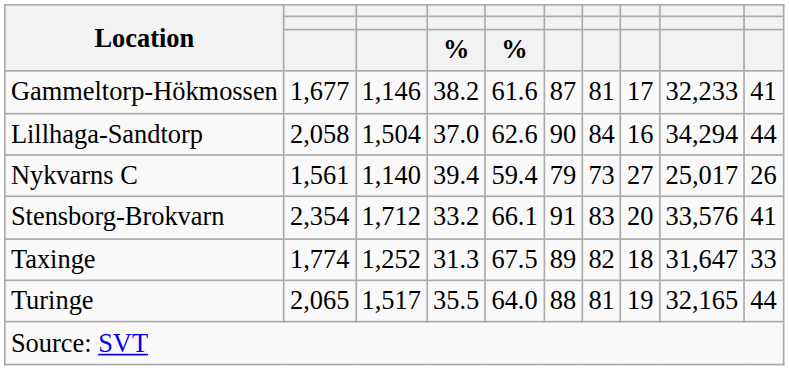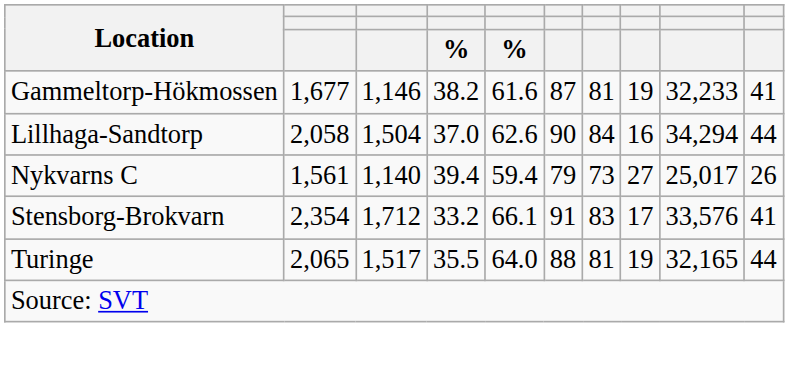 <table role="presentation" class="wikitable sortable mw-collapsible">
 <tr>
 <th rowspan="3">Location</th>
 <th></th>
 <th></th>
 <th></th>
 <th></th>
 <th></th>
 <th></th>
 <th></th>
 <th></th>
 <th></th>
 </tr>
 <tr>
 <th></th>
 <th></th>
 <th style="background:"></th>
 <th style="background:"></th>
 <th></th>
 <th></th>
 <th></th>
 <th></th>
 <th></th>
 </tr>
 <tr>
 <th data-sort-type="number"></th>
 <th data-sort-type="number"></th>
 <th data-sort-type="number">%</th>
 <th data-sort-type="number">%</th>
 <th data-sort-type="number"></th>
 <th data-sort-type="number"></th>
 <th data-sort-type="number"></th>
 <th data-sort-type="number"></th>
 <th data-sort-type="number"></th>
 </tr>
 <tr>
 <td align="left">Gammeltorp-Hökmossen</td>
 <td>1,677</td>
 <td>1,146</td>
 <td>38.2</td>
 <td>61.6</td>
 <td>87</td>
 <td>81</td>
-<td>17</td>
+<td>19</td>
 <td>32,233</td>
 <td>41</td>
 </tr>
 <tr>
 <td align="left">Lillhaga-Sandtorp</td>
 <td>2,058</td>
 <td>1,504</td>
 <td>37.0</td>
 <td>62.6</td>
 <td>90</td>
 <td>84</td>
 <td>16</td>
 <td>34,294</td>
 <td>44</td>
 </tr>
 <tr>
 <td align="left">Nykvarns C</td>
 <td>1,561</td>
 <td>1,140</td>
 <td>39.4</td>
 <td>59.4</td>
 <td>79</td>
 <td>73</td>
 <td>27</td>
 <td>25,017</td>
 <td>26</td>
 </tr>
 <tr>
 <td align="left">Stensborg-Brokvarn</td>
 <td>2,354</td>
 <td>1,712</td>
 <td>33.2</td>
 <td>66.1</td>
 <td>91</td>
 <td>83</td>
-<td>20</td>
+<td>17</td>
 <td>33,576</td>
 <td>41</td>
-</tr>
-<tr>
-<td align="left">Taxinge</td>
-<td>1,774</td>
-<td>1,252</td>
-<td>31.3</td>
-<td>67.5</td>
-<td>89</td>
-<td>82</td>
-<td>18</td>
-<td>31,647</td>
-<td>33</td>
 </tr>
 <tr>
 <td align="left">Turinge</td>
 <td>2,065</td>
 <td>1,517</td>
 <td>35.5</td>
 <td>64.0</td>
 <td>88</td>
 <td>81</td>
 <td>19</td>
 <td>32,165</td>
 <td>44</td>
 </tr>
 <tr>
 <td colspan="10" align="left">Source: <a href='#'>SVT</a></td>
 </tr>
 </table>
